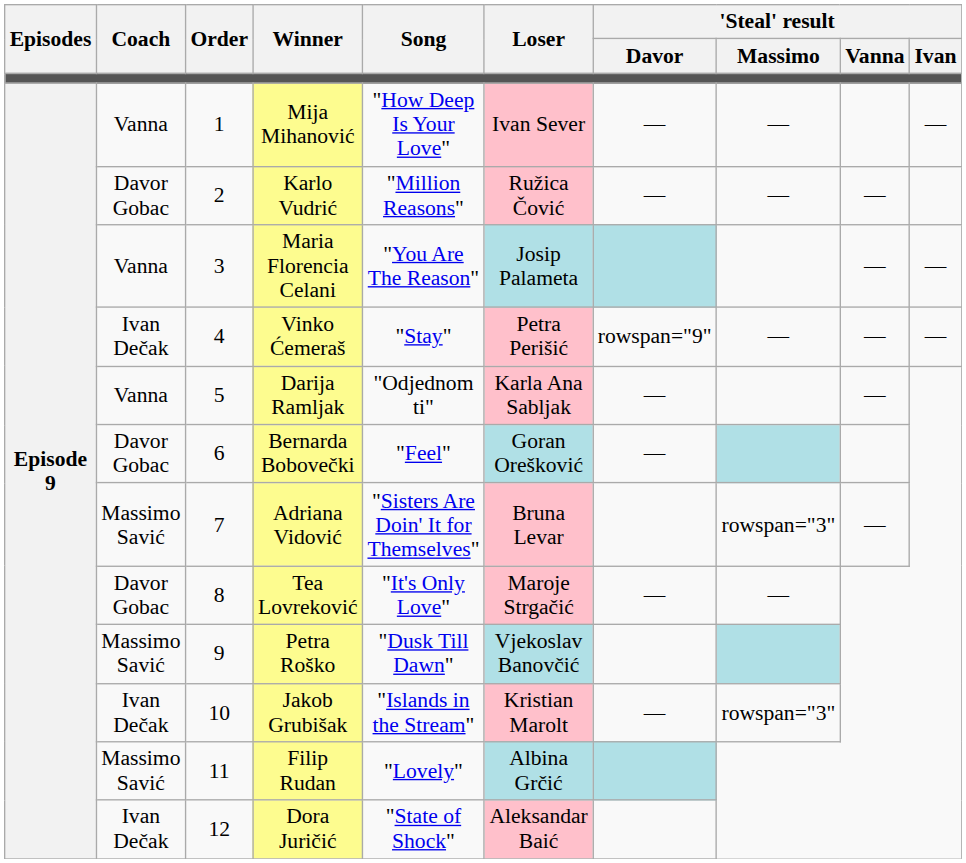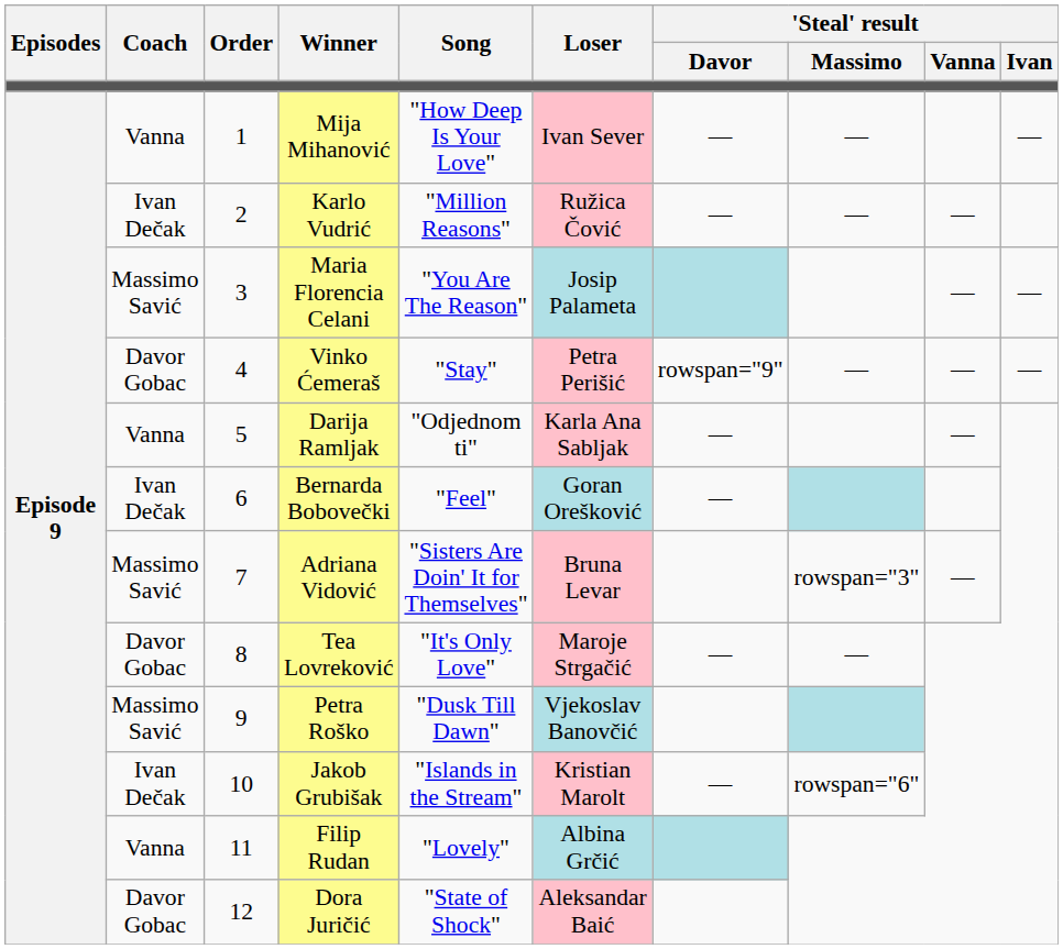 <table class="wikitable" style="text-align: center; width:100%;">
 <tr>
 <th rowspan="2" style="width:10%;">Episodes</th>
 <th rowspan="2" style="width:11%;">Coach</th>
 <th rowspan="2" style="width:05%;">Order</th>
 <th rowspan="2" style="width:17%;">Winner</th>
 <th rowspan="2" style="width:26%;">Song</th>
 <th rowspan="2" style="width:17%;">Loser</th>
 <th colspan="4" style="width:12%;">'Steal' result</th>
 </tr>
 <tr>
 <th style="width:03%;">Davor</th>
 <th style="width:03%;">Massimo</th>
 <th style="width:03%;">Vanna</th>
 <th style="width:03%;">Ivan</th>
 </tr>
 <tr>
 <td colspan="12" style="background:#555;"></td>
 </tr>
 <tr>
 <th rowspan="12">Episode 9 <br><small></small></th>
 <td>Vanna</td>
 <td>1</td>
 <td style="background:#FDFC8F;">Mija Mihanović</td>
 <td>"<a href='#'>How Deep Is Your Love</a>"</td>
 <td style="background:pink;">Ivan Sever</td>
 <td>—</td>
 <td>—</td>
 <td></td>
 <td>—</td>
 </tr>
 <tr>
-<td>Davor Gobac</td>
+<td>Ivan Dečak</td>
 <td>2</td>
 <td style="background:#FDFC8F;">Karlo Vudrić</td>
 <td>"<a href='#'>Million Reasons</a>"</td>
 <td style="background:pink;">Ružica Čović</td>
 <td>—</td>
 <td>—</td>
 <td>—</td>
 <td></td>
 </tr>
 <tr>
-<td>Vanna</td>
+<td>Massimo Savić</td>
 <td>3</td>
 <td style="background:#FDFC8F;">Maria Florencia Celani</td>
 <td>"<a href='#'>You Are The Reason</a>"</td>
 <td style="background:#b0e0e6;">Josip Palameta</td>
 <td style="background:#b0e0e6;"> <strong></strong> </td>
 <td></td>
 <td>—</td>
 <td>—</td>
 </tr>
 <tr>
-<td>Ivan Dečak</td>
+<td>Davor Gobac</td>
 <td>4</td>
 <td style="background:#FDFC8F;">Vinko Ćemeraš</td>
 <td>"<a href='#'>Stay</a>"</td>
 <td style="background:pink;">Petra Perišić</td>
 <td>rowspan="9" </td>
 <td>—</td>
 <td>—</td>
 <td>—</td>
 </tr>
 <tr>
 <td>Vanna</td>
 <td>5</td>
 <td style="background:#FDFC8F;">Darija Ramljak</td>
 <td>"Odjednom ti"</td>
 <td style="background:pink;">Karla Ana Sabljak</td>
 <td>—</td>
 <td></td>
 <td>—</td>
 </tr>
 <tr>
-<td>Davor Gobac</td>
+<td>Ivan Dečak</td>
 <td>6</td>
 <td style="background:#FDFC8F;">Bernarda Bobovečki</td>
 <td>"<a href='#'>Feel</a>"</td>
 <td style="background:#b0e0e6;">Goran Orešković</td>
 <td>—</td>
 <td style="background:#b0e0e6;"> <strong></strong> </td>
 <td></td>
 </tr>
 <tr>
 <td>Massimo Savić</td>
 <td>7</td>
 <td style="background:#FDFC8F;">Adriana Vidović</td>
 <td>"<a href='#'>Sisters Are Doin' It for Themselves</a>"</td>
 <td style="background:pink;">Bruna Levar</td>
 <td></td>
 <td>rowspan="3" </td>
 <td>—</td>
 </tr>
 <tr>
 <td>Davor Gobac</td>
 <td>8</td>
 <td style="background:#FDFC8F;">Tea Lovreković</td>
 <td>"<a href='#'>It's Only Love</a>"</td>
 <td style="background:pink;">Maroje Strgačić</td>
 <td>—</td>
 <td>—</td>
 </tr>
 <tr>
 <td>Massimo Savić</td>
 <td>9</td>
 <td style="background:#FDFC8F;">Petra Roško</td>
 <td>"<a href='#'>Dusk Till Dawn</a>"</td>
 <td style="background:#b0e0e6;">Vjekoslav Banovčić</td>
 <td></td>
 <td style="background:#b0e0e6;"> <strong></strong> </td>
 </tr>
 <tr>
 <td>Ivan Dečak</td>
 <td>10</td>
 <td style="background:#FDFC8F;">Jakob Grubišak</td>
 <td>"<a href='#'>Islands in the Stream</a>"</td>
 <td style="background:pink;">Kristian Marolt</td>
 <td>—</td>
-<td>rowspan="3" </td>
+<td>rowspan="6" </td>
 </tr>
 <tr>
-<td>Massimo Savić</td>
+<td>Vanna</td>
 <td>11</td>
 <td style="background:#FDFC8F;">Filip Rudan</td>
 <td>"<a href='#'>Lovely</a>"</td>
 <td style="background:#b0e0e6;">Albina Grčić</td>
 <td style="background:#b0e0e6;"> <strong></strong> </td>
 </tr>
 <tr>
-<td>Ivan Dečak</td>
+<td>Davor Gobac</td>
 <td>12</td>
 <td style="background:#FDFC8F;">Dora Juričić</td>
 <td>"<a href='#'>State of Shock</a>"</td>
 <td style="background:pink;">Aleksandar Baić</td>
 <td></td>
 </tr>
 <tr>
 </tr>
 </table>
